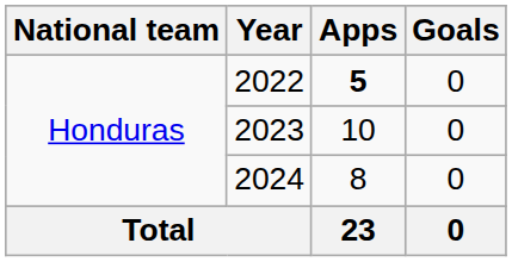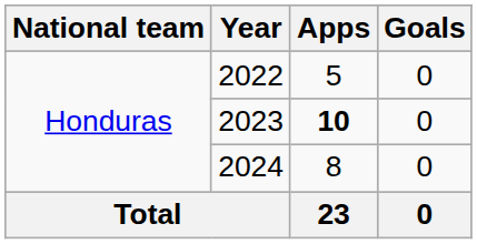 <table class="wikitable" style="text-align: center;">
 <tr>
 <th>National team</th>
 <th>Year</th>
 <th>Apps</th>
 <th>Goals</th>
 </tr>
 <tr>
 <td rowspan="3"><a href='#'>Honduras</a></td>
 <td>2022</td>
-<td><strong>5</strong></td>
+<td>5</td>
 <td>0</td>
 </tr>
 <tr>
 <td>2023</td>
-<td>10</td>
+<td><strong>10</strong></td>
 <td>0</td>
 </tr>
 <tr>
 <td>2024</td>
 <td>8</td>
 <td>0</td>
 </tr>
 <tr>
 <th colspan="2">Total</th>
 <th>23</th>
 <th>0</th>
 </tr>
 </table>
